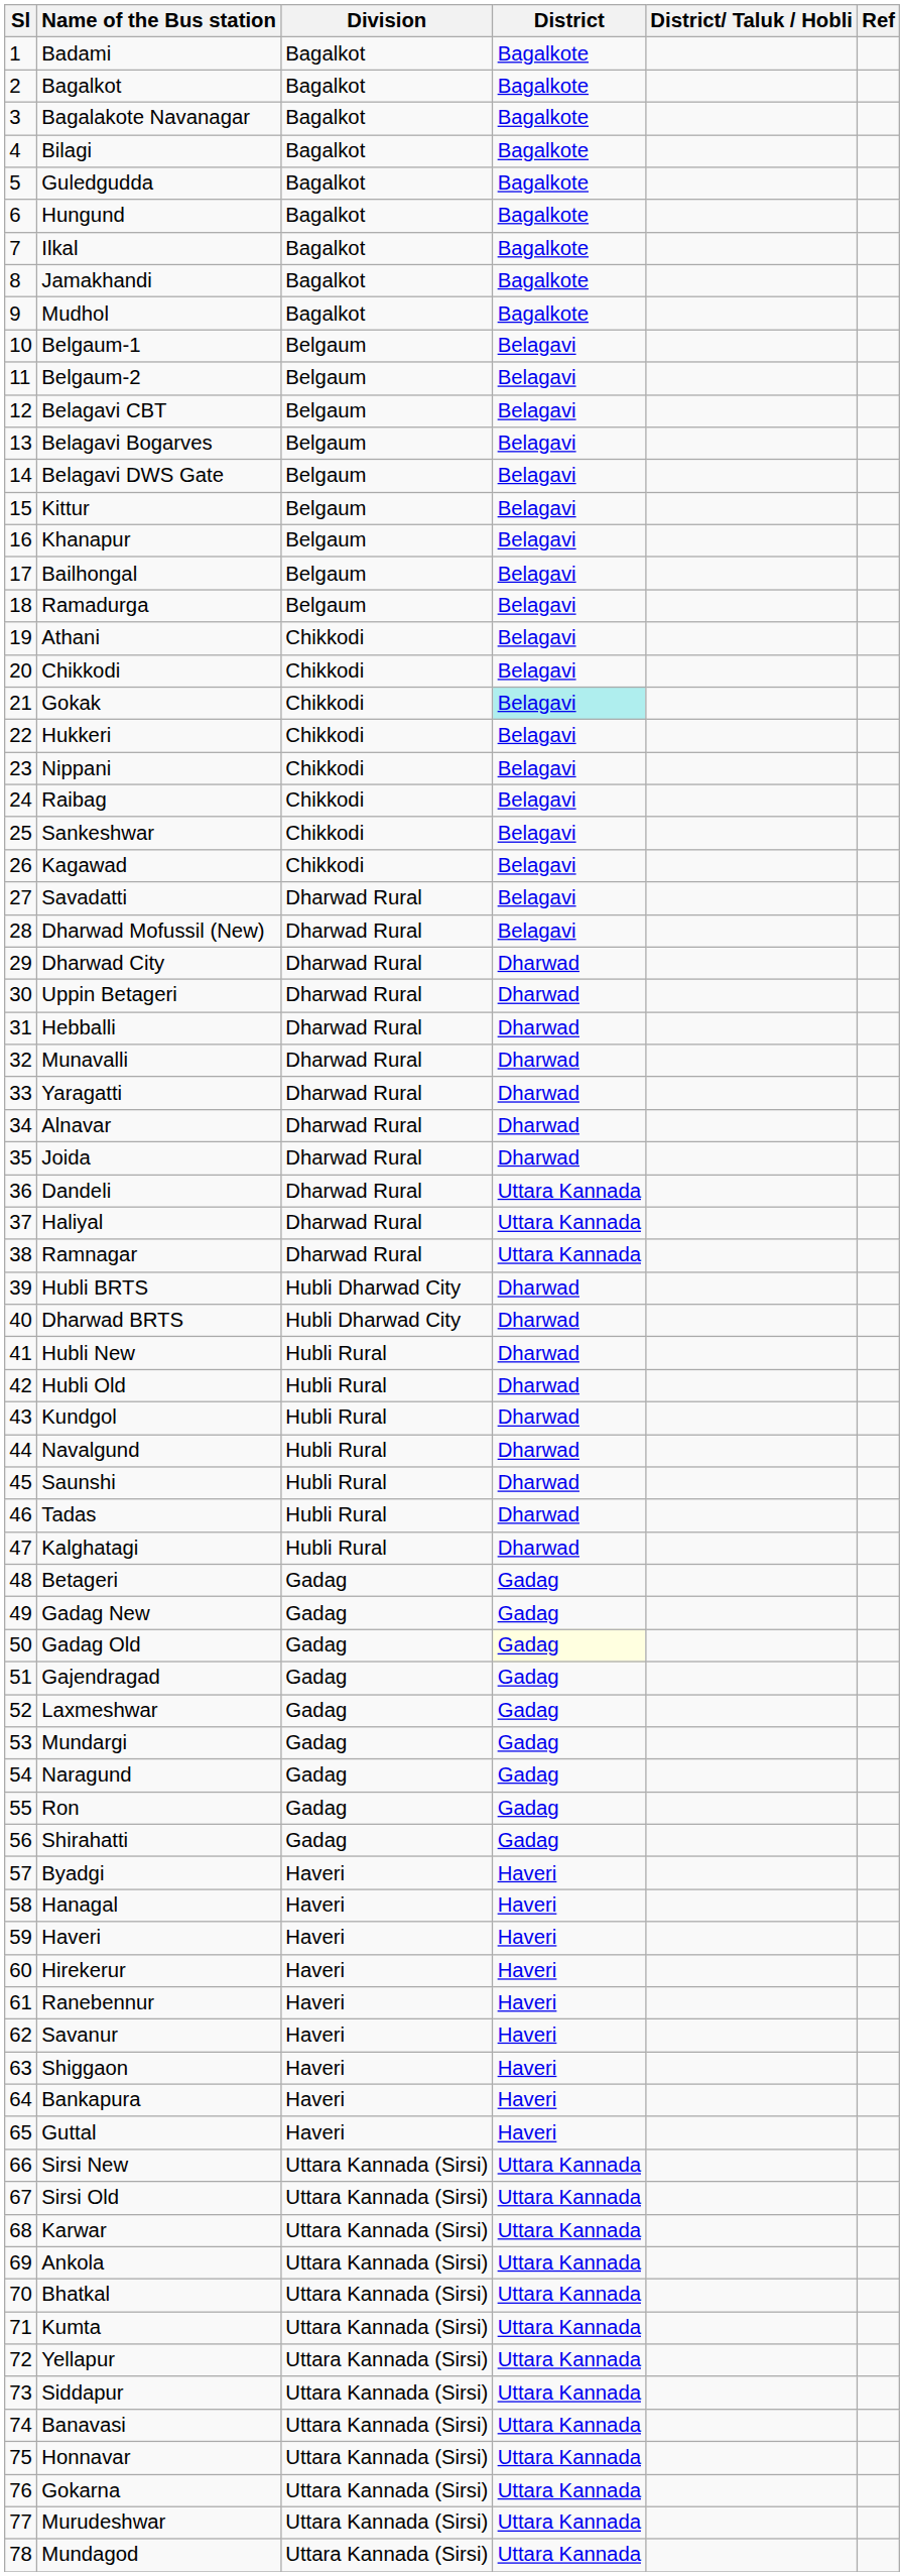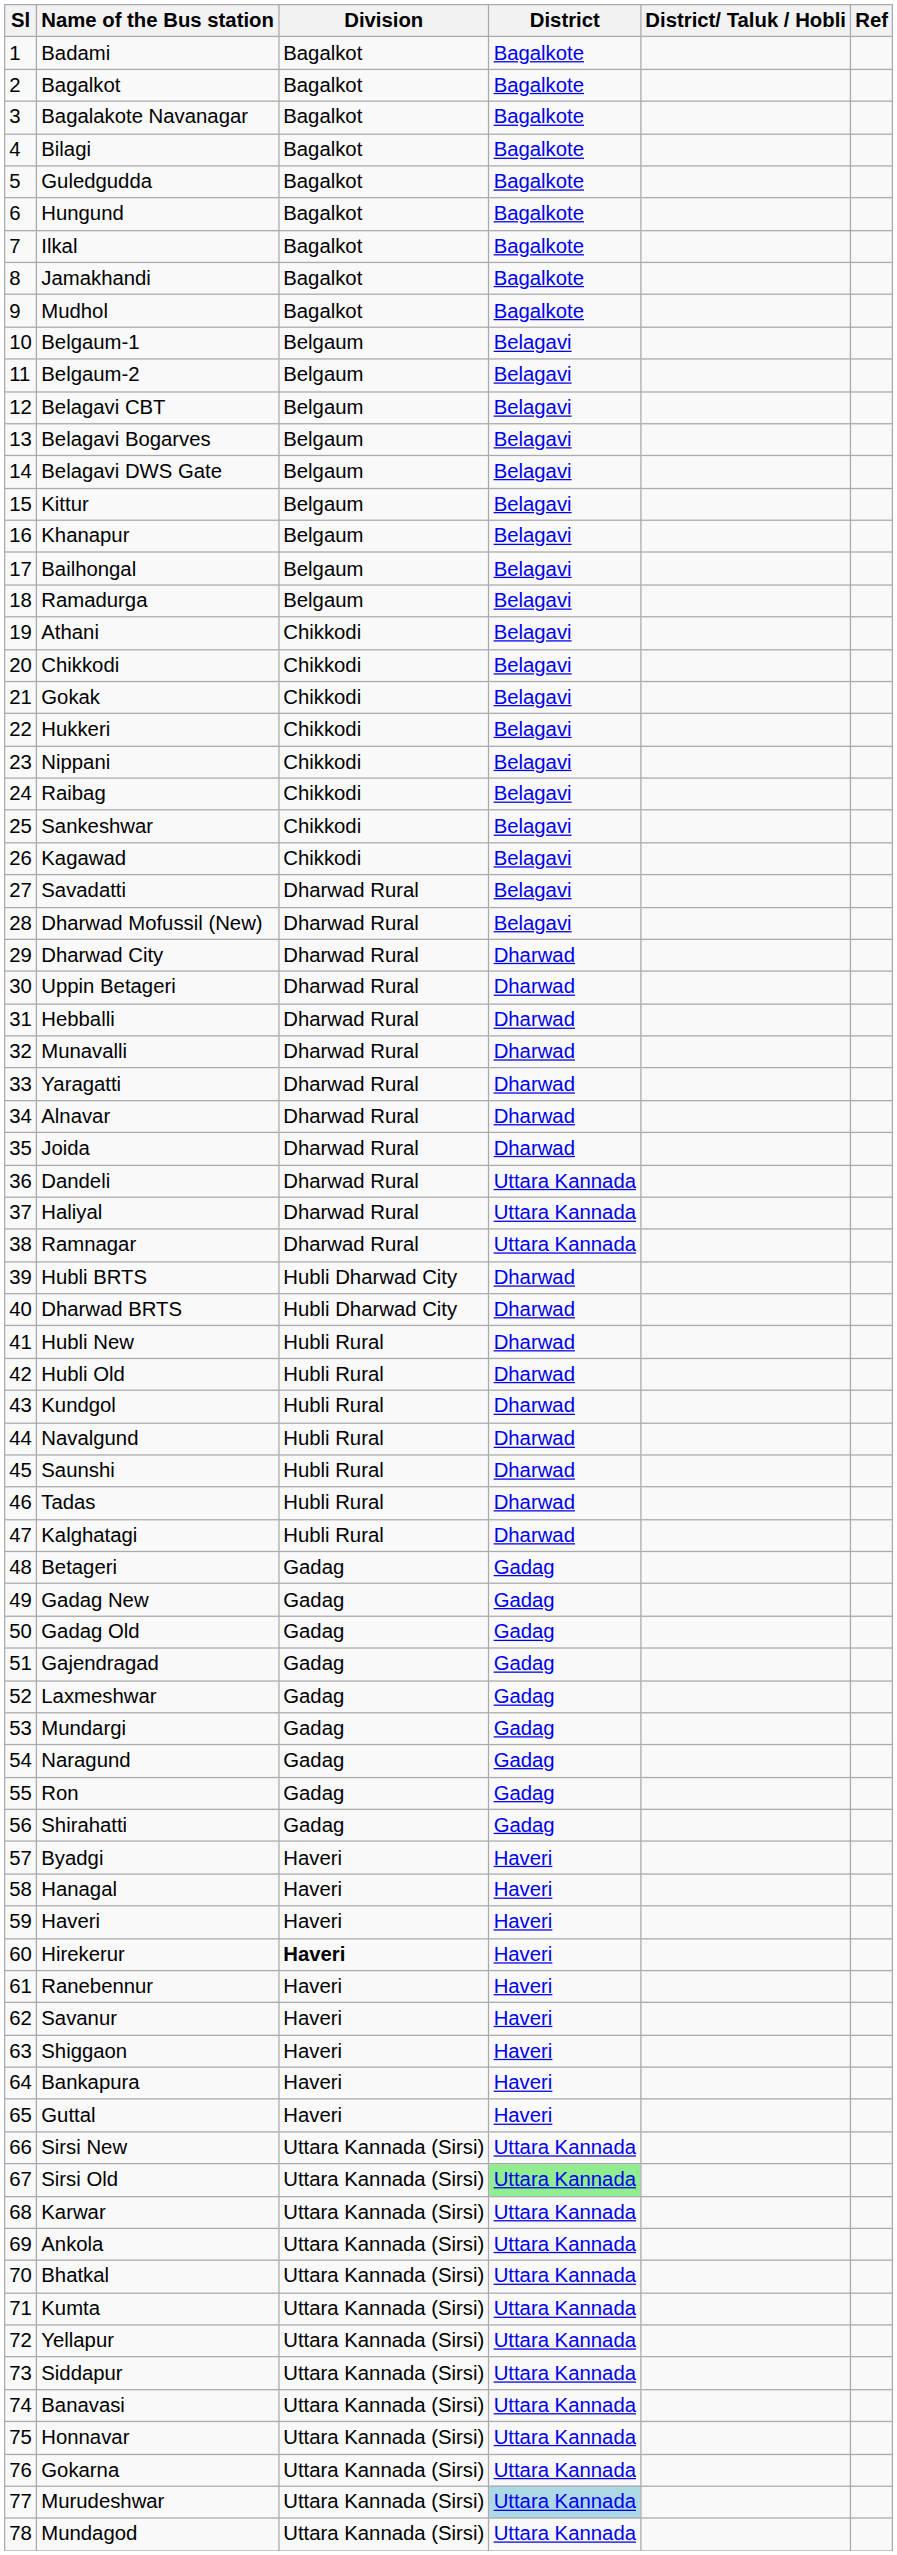 <table class="wikitable sortable">
 <tr>
 <th>Sl</th>
 <th>Name of the Bus station</th>
 <th>Division</th>
 <th>District</th>
 <th>District/ Taluk / Hobli</th>
 <th>Ref</th>
 </tr>
 <tr>
 <td>1</td>
 <td>Badami</td>
 <td>Bagalkot</td>
 <td><a href='#'>Bagalkote</a></td>
 <td></td>
 <td></td>
 </tr>
 <tr>
 <td>2</td>
 <td>Bagalkot</td>
 <td>Bagalkot</td>
 <td><a href='#'>Bagalkote</a></td>
 <td></td>
 <td></td>
 </tr>
 <tr>
 <td>3</td>
 <td>Bagalakote Navanagar</td>
 <td>Bagalkot</td>
 <td><a href='#'>Bagalkote</a></td>
 <td></td>
 <td></td>
 </tr>
 <tr>
 <td>4</td>
 <td>Bilagi</td>
 <td>Bagalkot</td>
 <td><a href='#'>Bagalkote</a></td>
 <td></td>
 <td></td>
 </tr>
 <tr>
 <td>5</td>
 <td>Guledgudda</td>
 <td>Bagalkot</td>
 <td><a href='#'>Bagalkote</a></td>
 <td></td>
 <td></td>
 </tr>
 <tr>
 <td>6</td>
 <td>Hungund</td>
 <td>Bagalkot</td>
 <td><a href='#'>Bagalkote</a></td>
 <td></td>
 <td></td>
 </tr>
 <tr>
 <td>7</td>
 <td>Ilkal</td>
 <td>Bagalkot</td>
 <td><a href='#'>Bagalkote</a></td>
 <td></td>
 <td></td>
 </tr>
 <tr>
 <td>8</td>
 <td>Jamakhandi</td>
 <td>Bagalkot</td>
 <td><a href='#'>Bagalkote</a></td>
 <td></td>
 <td></td>
 </tr>
 <tr>
 <td>9</td>
 <td>Mudhol</td>
 <td>Bagalkot</td>
 <td><a href='#'>Bagalkote</a></td>
 <td></td>
 <td></td>
 </tr>
 <tr>
 <td>10</td>
 <td>Belgaum-1</td>
 <td>Belgaum</td>
 <td><a href='#'>Belagavi</a></td>
 <td></td>
 <td></td>
 </tr>
 <tr>
 <td>11</td>
 <td>Belgaum-2</td>
 <td>Belgaum</td>
 <td><a href='#'>Belagavi</a></td>
 <td></td>
 <td></td>
 </tr>
 <tr>
 <td>12</td>
 <td>Belagavi CBT</td>
 <td>Belgaum</td>
 <td><a href='#'>Belagavi</a></td>
 <td></td>
 <td></td>
 </tr>
 <tr>
 <td>13</td>
 <td>Belagavi Bogarves</td>
 <td>Belgaum</td>
 <td><a href='#'>Belagavi</a></td>
 <td></td>
 <td></td>
 </tr>
 <tr>
 <td>14</td>
 <td>Belagavi DWS Gate</td>
 <td>Belgaum</td>
 <td><a href='#'>Belagavi</a></td>
 <td></td>
 <td></td>
 </tr>
 <tr>
 <td>15</td>
 <td>Kittur</td>
 <td>Belgaum</td>
 <td><a href='#'>Belagavi</a></td>
 <td></td>
 <td></td>
 </tr>
 <tr>
 <td>16</td>
 <td>Khanapur</td>
 <td>Belgaum</td>
 <td><a href='#'>Belagavi</a></td>
 <td></td>
 <td></td>
 </tr>
 <tr>
 <td>17</td>
 <td>Bailhongal</td>
 <td>Belgaum</td>
 <td><a href='#'>Belagavi</a></td>
 <td></td>
 <td></td>
 </tr>
 <tr>
 <td>18</td>
 <td>Ramadurga</td>
 <td>Belgaum</td>
 <td><a href='#'>Belagavi</a></td>
 <td></td>
 <td></td>
 </tr>
 <tr>
 <td>19</td>
 <td>Athani</td>
 <td>Chikkodi</td>
 <td><a href='#'>Belagavi</a></td>
 <td></td>
 <td></td>
 </tr>
 <tr>
 <td>20</td>
 <td>Chikkodi</td>
 <td>Chikkodi</td>
 <td><a href='#'>Belagavi</a></td>
 <td></td>
 <td></td>
 </tr>
 <tr>
 <td>21</td>
 <td>Gokak</td>
 <td>Chikkodi</td>
-<td style="background: paleturquoise;"><a href='#'>Belagavi</a></td>
+<td><a href='#'>Belagavi</a></td>
 <td></td>
 <td></td>
 </tr>
 <tr>
 <td>22</td>
 <td>Hukkeri</td>
 <td>Chikkodi</td>
 <td><a href='#'>Belagavi</a></td>
 <td></td>
 <td></td>
 </tr>
 <tr>
 <td>23</td>
 <td>Nippani</td>
 <td>Chikkodi</td>
 <td><a href='#'>Belagavi</a></td>
 <td></td>
 <td></td>
 </tr>
 <tr>
 <td>24</td>
 <td>Raibag</td>
 <td>Chikkodi</td>
 <td><a href='#'>Belagavi</a></td>
 <td></td>
 <td></td>
 </tr>
 <tr>
 <td>25</td>
 <td>Sankeshwar</td>
 <td>Chikkodi</td>
 <td><a href='#'>Belagavi</a></td>
 <td></td>
 <td></td>
 </tr>
 <tr>
 <td>26</td>
 <td>Kagawad</td>
 <td>Chikkodi</td>
 <td><a href='#'>Belagavi</a></td>
 <td></td>
 <td></td>
 </tr>
 <tr>
 <td>27</td>
 <td>Savadatti</td>
 <td>Dharwad Rural</td>
 <td><a href='#'>Belagavi</a></td>
 <td></td>
 <td></td>
 </tr>
 <tr>
 <td>28</td>
 <td>Dharwad Mofussil (New)</td>
 <td>Dharwad Rural</td>
 <td><a href='#'>Belagavi</a></td>
 <td></td>
 <td></td>
 </tr>
 <tr>
 <td>29</td>
 <td>Dharwad City</td>
 <td>Dharwad Rural</td>
 <td><a href='#'>Dharwad</a></td>
 <td></td>
 <td></td>
 </tr>
 <tr>
 <td>30</td>
 <td>Uppin Betageri</td>
 <td>Dharwad Rural</td>
 <td><a href='#'>Dharwad</a></td>
 <td></td>
 <td></td>
 </tr>
 <tr>
 <td>31</td>
 <td>Hebballi</td>
 <td>Dharwad Rural</td>
 <td><a href='#'>Dharwad</a></td>
 <td></td>
 <td></td>
 </tr>
 <tr>
 <td>32</td>
 <td>Munavalli</td>
 <td>Dharwad Rural</td>
 <td><a href='#'>Dharwad</a></td>
 <td></td>
 <td></td>
 </tr>
 <tr>
 <td>33</td>
 <td>Yaragatti</td>
 <td>Dharwad Rural</td>
 <td><a href='#'>Dharwad</a></td>
 <td></td>
 <td></td>
 </tr>
 <tr>
 <td>34</td>
 <td>Alnavar</td>
 <td>Dharwad Rural</td>
 <td><a href='#'>Dharwad</a></td>
 <td></td>
 <td></td>
 </tr>
 <tr>
 <td>35</td>
 <td>Joida</td>
 <td>Dharwad Rural</td>
 <td><a href='#'>Dharwad</a></td>
 <td></td>
 <td></td>
 </tr>
 <tr>
 <td>36</td>
 <td>Dandeli</td>
 <td>Dharwad Rural</td>
 <td><a href='#'>Uttara Kannada</a></td>
 <td></td>
 <td></td>
 </tr>
 <tr>
 <td>37</td>
 <td>Haliyal</td>
 <td>Dharwad Rural</td>
 <td><a href='#'>Uttara Kannada</a></td>
 <td></td>
 <td></td>
 </tr>
 <tr>
 <td>38</td>
 <td>Ramnagar</td>
 <td>Dharwad Rural</td>
 <td><a href='#'>Uttara Kannada</a></td>
 <td></td>
 <td></td>
 </tr>
 <tr>
 <td>39</td>
 <td>Hubli BRTS</td>
 <td>Hubli Dharwad City</td>
 <td><a href='#'>Dharwad</a></td>
 <td></td>
 <td></td>
 </tr>
 <tr>
 <td>40</td>
 <td>Dharwad BRTS</td>
 <td>Hubli Dharwad City</td>
 <td><a href='#'>Dharwad</a></td>
 <td></td>
 <td></td>
 </tr>
 <tr>
 <td>41</td>
 <td>Hubli New</td>
 <td>Hubli Rural</td>
 <td><a href='#'>Dharwad</a></td>
 <td></td>
 <td></td>
 </tr>
 <tr>
 <td>42</td>
 <td>Hubli Old</td>
 <td>Hubli Rural</td>
 <td><a href='#'>Dharwad</a></td>
 <td></td>
 <td></td>
 </tr>
 <tr>
 <td>43</td>
 <td>Kundgol</td>
 <td>Hubli Rural</td>
 <td><a href='#'>Dharwad</a></td>
 <td></td>
 <td></td>
 </tr>
 <tr>
 <td>44</td>
 <td>Navalgund</td>
 <td>Hubli Rural</td>
 <td><a href='#'>Dharwad</a></td>
 <td></td>
 <td></td>
 </tr>
 <tr>
 <td>45</td>
 <td>Saunshi</td>
 <td>Hubli Rural</td>
 <td><a href='#'>Dharwad</a></td>
 <td></td>
 <td></td>
 </tr>
 <tr>
 <td>46</td>
 <td>Tadas</td>
 <td>Hubli Rural</td>
 <td><a href='#'>Dharwad</a></td>
 <td></td>
 <td></td>
 </tr>
 <tr>
 <td>47</td>
 <td>Kalghatagi</td>
 <td>Hubli Rural</td>
 <td><a href='#'>Dharwad</a></td>
 <td></td>
 <td></td>
 </tr>
 <tr>
 <td>48</td>
 <td>Betageri</td>
 <td>Gadag</td>
 <td><a href='#'>Gadag</a></td>
 <td></td>
 <td></td>
 </tr>
 <tr>
 <td>49</td>
 <td>Gadag New</td>
 <td>Gadag</td>
 <td><a href='#'>Gadag</a></td>
 <td></td>
 <td></td>
 </tr>
 <tr>
 <td>50</td>
 <td>Gadag Old</td>
 <td>Gadag</td>
-<td style="background: lightyellow;"><a href='#'>Gadag</a></td>
+<td><a href='#'>Gadag</a></td>
 <td></td>
 <td></td>
 </tr>
 <tr>
 <td>51</td>
 <td>Gajendragad</td>
 <td>Gadag</td>
 <td><a href='#'>Gadag</a></td>
 <td></td>
 <td></td>
 </tr>
 <tr>
 <td>52</td>
 <td>Laxmeshwar</td>
 <td>Gadag</td>
 <td><a href='#'>Gadag</a></td>
 <td></td>
 <td></td>
 </tr>
 <tr>
 <td>53</td>
 <td>Mundargi</td>
 <td>Gadag</td>
 <td><a href='#'>Gadag</a></td>
 <td></td>
 <td></td>
 </tr>
 <tr>
 <td>54</td>
 <td>Naragund</td>
 <td>Gadag</td>
 <td><a href='#'>Gadag</a></td>
 <td></td>
 <td></td>
 </tr>
 <tr>
 <td>55</td>
 <td>Ron</td>
 <td>Gadag</td>
 <td><a href='#'>Gadag</a></td>
 <td></td>
 <td></td>
 </tr>
 <tr>
 <td>56</td>
 <td>Shirahatti</td>
 <td>Gadag</td>
 <td><a href='#'>Gadag</a></td>
 <td></td>
 <td></td>
 </tr>
 <tr>
 <td>57</td>
 <td>Byadgi</td>
 <td>Haveri</td>
 <td><a href='#'>Haveri</a></td>
 <td></td>
 <td></td>
 </tr>
 <tr>
 <td>58</td>
 <td>Hanagal</td>
 <td>Haveri</td>
 <td><a href='#'>Haveri</a></td>
 <td></td>
 <td></td>
 </tr>
 <tr>
 <td>59</td>
 <td>Haveri</td>
 <td>Haveri</td>
 <td><a href='#'>Haveri</a></td>
 <td></td>
 <td></td>
 </tr>
 <tr>
 <td>60</td>
 <td>Hirekerur</td>
-<td>Haveri</td>
+<td><strong>Haveri</strong></td>
 <td><a href='#'>Haveri</a></td>
 <td></td>
 <td></td>
 </tr>
 <tr>
 <td>61</td>
 <td>Ranebennur</td>
 <td>Haveri</td>
 <td><a href='#'>Haveri</a></td>
 <td></td>
 <td></td>
 </tr>
 <tr>
 <td>62</td>
 <td>Savanur</td>
 <td>Haveri</td>
 <td><a href='#'>Haveri</a></td>
 <td></td>
 <td></td>
 </tr>
 <tr>
 <td>63</td>
 <td>Shiggaon</td>
 <td>Haveri</td>
 <td><a href='#'>Haveri</a></td>
 <td></td>
 <td></td>
 </tr>
 <tr>
 <td>64</td>
 <td>Bankapura</td>
 <td>Haveri</td>
 <td><a href='#'>Haveri</a></td>
 <td></td>
 <td></td>
 </tr>
 <tr>
 <td>65</td>
 <td>Guttal</td>
 <td>Haveri</td>
 <td><a href='#'>Haveri</a></td>
 <td></td>
 <td></td>
 </tr>
 <tr>
 <td>66</td>
 <td>Sirsi New</td>
 <td>Uttara Kannada (Sirsi)</td>
 <td><a href='#'>Uttara Kannada</a></td>
 <td></td>
 <td></td>
 </tr>
 <tr>
 <td>67</td>
 <td>Sirsi Old</td>
 <td>Uttara Kannada (Sirsi)</td>
-<td><a href='#'>Uttara Kannada</a></td>
+<td style="background: lightgreen;"><a href='#'>Uttara Kannada</a></td>
 <td></td>
 <td></td>
 </tr>
 <tr>
 <td>68</td>
 <td>Karwar</td>
 <td>Uttara Kannada (Sirsi)</td>
 <td><a href='#'>Uttara Kannada</a></td>
 <td></td>
 <td></td>
 </tr>
 <tr>
 <td>69</td>
 <td>Ankola</td>
 <td>Uttara Kannada (Sirsi)</td>
 <td><a href='#'>Uttara Kannada</a></td>
 <td></td>
 <td></td>
 </tr>
 <tr>
 <td>70</td>
 <td>Bhatkal</td>
 <td>Uttara Kannada (Sirsi)</td>
 <td><a href='#'>Uttara Kannada</a></td>
 <td></td>
 <td></td>
 </tr>
 <tr>
 <td>71</td>
 <td>Kumta</td>
 <td>Uttara Kannada (Sirsi)</td>
 <td><a href='#'>Uttara Kannada</a></td>
 <td></td>
 <td></td>
 </tr>
 <tr>
 <td>72</td>
 <td>Yellapur</td>
 <td>Uttara Kannada (Sirsi)</td>
 <td><a href='#'>Uttara Kannada</a></td>
 <td></td>
 <td></td>
 </tr>
 <tr>
 <td>73</td>
 <td>Siddapur</td>
 <td>Uttara Kannada (Sirsi)</td>
 <td><a href='#'>Uttara Kannada</a></td>
 <td></td>
 <td></td>
 </tr>
 <tr>
 <td>74</td>
 <td>Banavasi</td>
 <td>Uttara Kannada (Sirsi)</td>
 <td><a href='#'>Uttara Kannada</a></td>
 <td></td>
 <td></td>
 </tr>
 <tr>
 <td>75</td>
 <td>Honnavar</td>
 <td>Uttara Kannada (Sirsi)</td>
 <td><a href='#'>Uttara Kannada</a></td>
 <td></td>
 <td></td>
 </tr>
 <tr>
 <td>76</td>
 <td>Gokarna</td>
 <td>Uttara Kannada (Sirsi)</td>
 <td><a href='#'>Uttara Kannada</a></td>
 <td></td>
 <td></td>
 </tr>
 <tr>
 <td>77</td>
 <td>Murudeshwar</td>
 <td>Uttara Kannada (Sirsi)</td>
-<td><a href='#'>Uttara Kannada</a></td>
+<td style="background: lightblue;"><a href='#'>Uttara Kannada</a></td>
 <td></td>
 <td></td>
 </tr>
 <tr>
 <td>78</td>
 <td>Mundagod</td>
 <td>Uttara Kannada (Sirsi)</td>
 <td><a href='#'>Uttara Kannada</a></td>
 <td></td>
 <td></td>
 </tr>
 </table>
